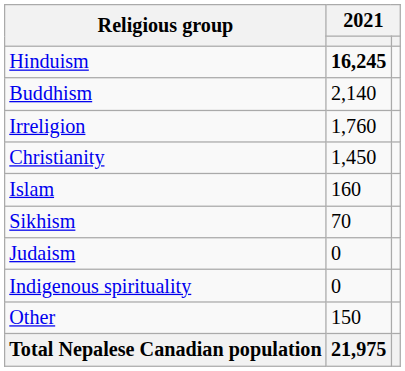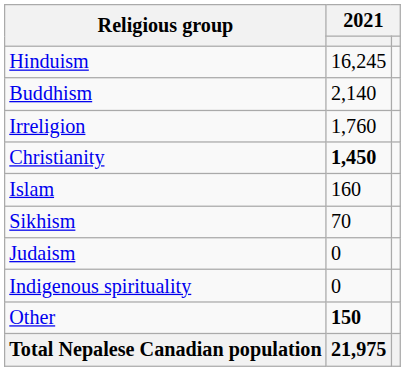 <table class="wikitable sortable">
 <tr>
 <th rowspan="2">Religious group</th>
 <th colspan="2">2021</th>
 </tr>
 <tr>
 <th><a href='#'></a></th>
 <th></th>
 </tr>
 <tr>
 <td><a href='#'>Hinduism</a></td>
-<td><strong>16,245</strong></td>
+<td>16,245</td>
 <td></td>
 </tr>
 <tr>
 <td><a href='#'>Buddhism</a></td>
 <td>2,140</td>
 <td></td>
 </tr>
 <tr>
 <td><a href='#'>Irreligion</a></td>
 <td>1,760</td>
 <td></td>
 </tr>
 <tr>
 <td><a href='#'>Christianity</a></td>
-<td>1,450</td>
+<td><strong>1,450</strong></td>
 <td></td>
 </tr>
 <tr>
 <td><a href='#'>Islam</a></td>
 <td>160</td>
 <td></td>
 </tr>
 <tr>
 <td><a href='#'>Sikhism</a></td>
 <td>70</td>
 <td></td>
 </tr>
 <tr>
 <td><a href='#'>Judaism</a></td>
 <td>0</td>
 <td></td>
 </tr>
 <tr>
 <td><a href='#'>Indigenous spirituality</a></td>
 <td>0</td>
 <td></td>
 </tr>
 <tr>
 <td><a href='#'>Other</a></td>
-<td>150</td>
+<td><strong>150</strong></td>
 <td></td>
 </tr>
 <tr>
 <th>Total Nepalese Canadian population</th>
 <th>21,975</th>
 <th></th>
 </tr>
 </table>
